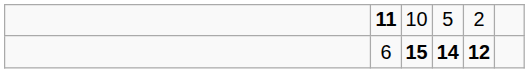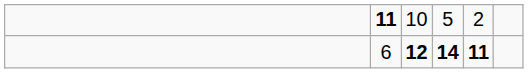 <table class="wikitable">
 <tr>
 <td style="width:18em"></td>
 <td align=center style="width:1em"><strong>11</strong></td>
 <td align=center style="width:1em">10</td>
 <td align=center style="width:1em">5</td>
 <td align=center style="width:1em">2</td>
 <td align=center style="width:1em"></td>
 </tr>
 <tr>
 <td style="width:18em"></td>
 <td align=center style="width:1em">6</td>
-<td align=center style="width:1em"><strong>15</strong></td>
+<td align=center style="width:1em"><strong>12</strong></td>
 <td align=center style="width:1em"><strong>14</strong></td>
-<td align=center style="width:1em"><strong>12</strong></td>
+<td align=center style="width:1em"><strong>11</strong></td>
 <td align=center style="width:1em"></td>
 </tr>
 </table>
